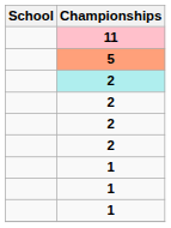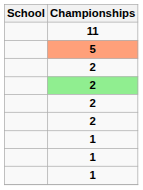 <table class="wikitable sortable" style="text-align:center">
 <tr>
 <th>School</th>
 <th>Championships</th>
 </tr>
 <tr>
 <td><strong><a href='#'></a></strong></td>
-<td style="background: pink;"><strong>11</strong></td>
+<td><strong>11</strong></td>
 </tr>
 <tr>
 <td><strong><a href='#'></a></strong></td>
 <td style="background: lightsalmon;"><strong>5</strong></td>
 </tr>
 <tr>
 <td><strong><a href='#'></a></strong></td>
-<td style="background: paleturquoise;"><strong>2</strong></td>
+<td><strong>2</strong></td>
 </tr>
 <tr>
 <td><strong><a href='#'></a></strong></td>
-<td><strong>2</strong></td>
+<td style="background: lightgreen;"><strong>2</strong></td>
 </tr>
 <tr>
 <td><strong><a href='#'></a></strong></td>
 <td><strong>2</strong></td>
 </tr>
 <tr>
 <td><strong><a href='#'></a></strong></td>
 <td><strong>2</strong></td>
 </tr>
 <tr>
 <td><strong><a href='#'></a></strong></td>
 <td><strong>1</strong></td>
 </tr>
 <tr>
 <td><strong><a href='#'></a></strong></td>
 <td><strong>1</strong></td>
 </tr>
 <tr>
 <td><strong><a href='#'></a></strong></td>
 <td><strong>1</strong></td>
 </tr>
 <tr>
 </tr>
 </table>
